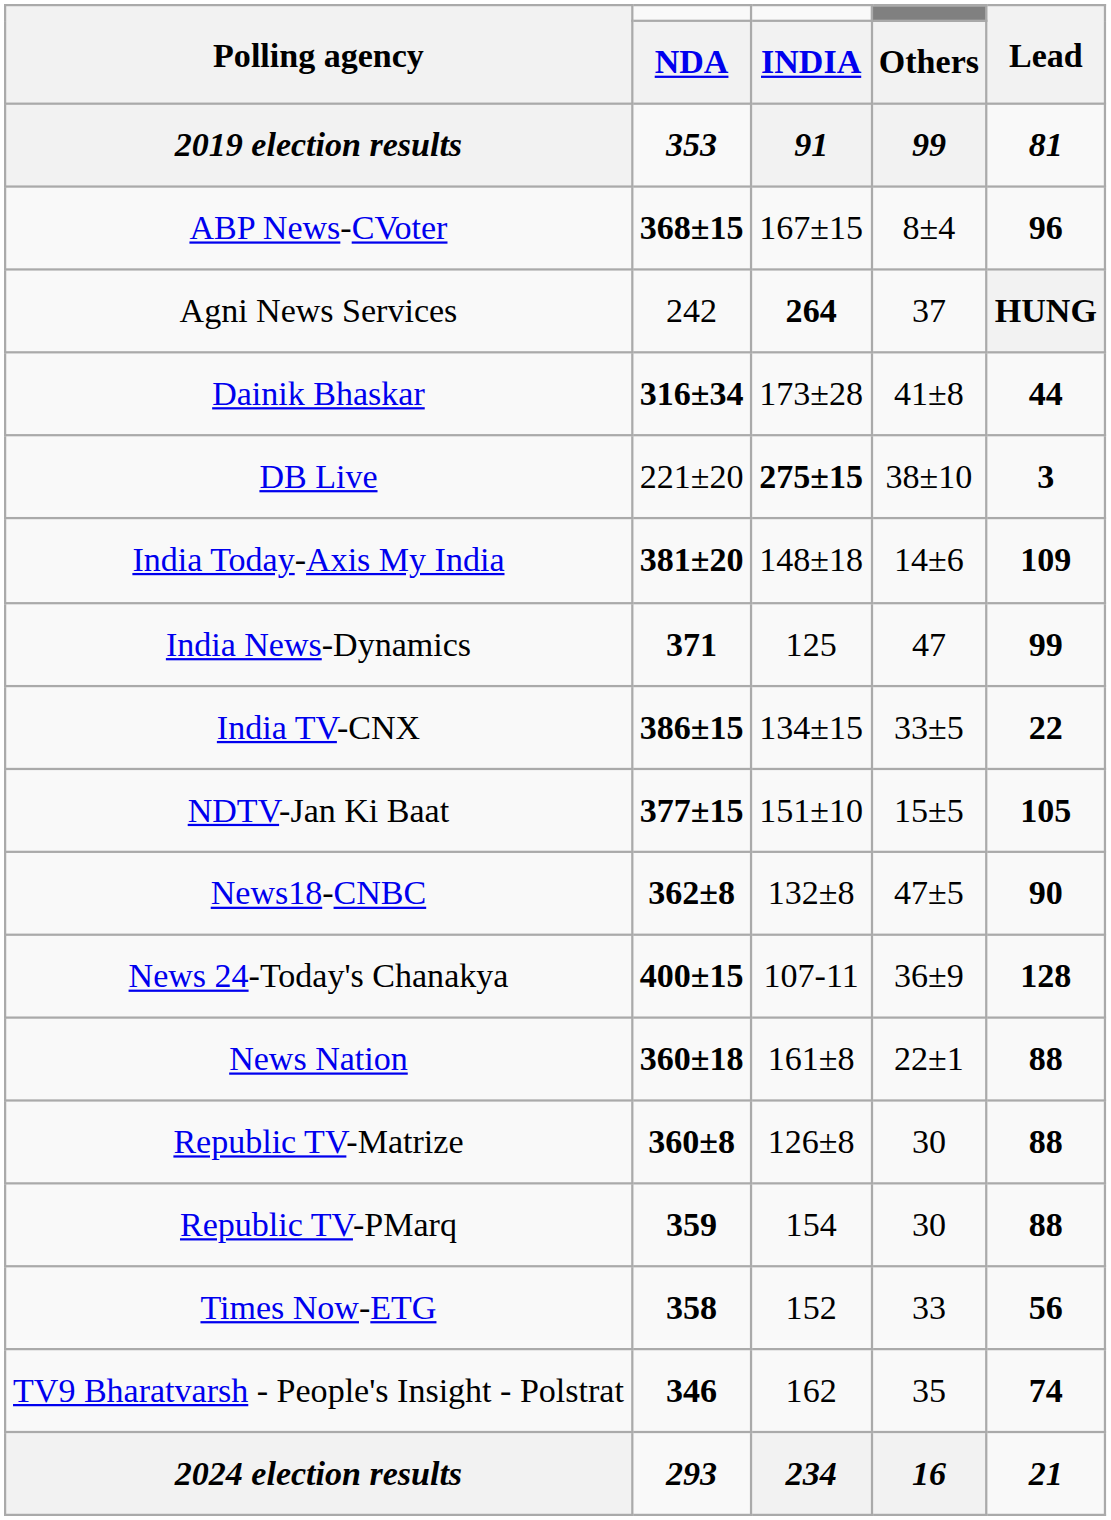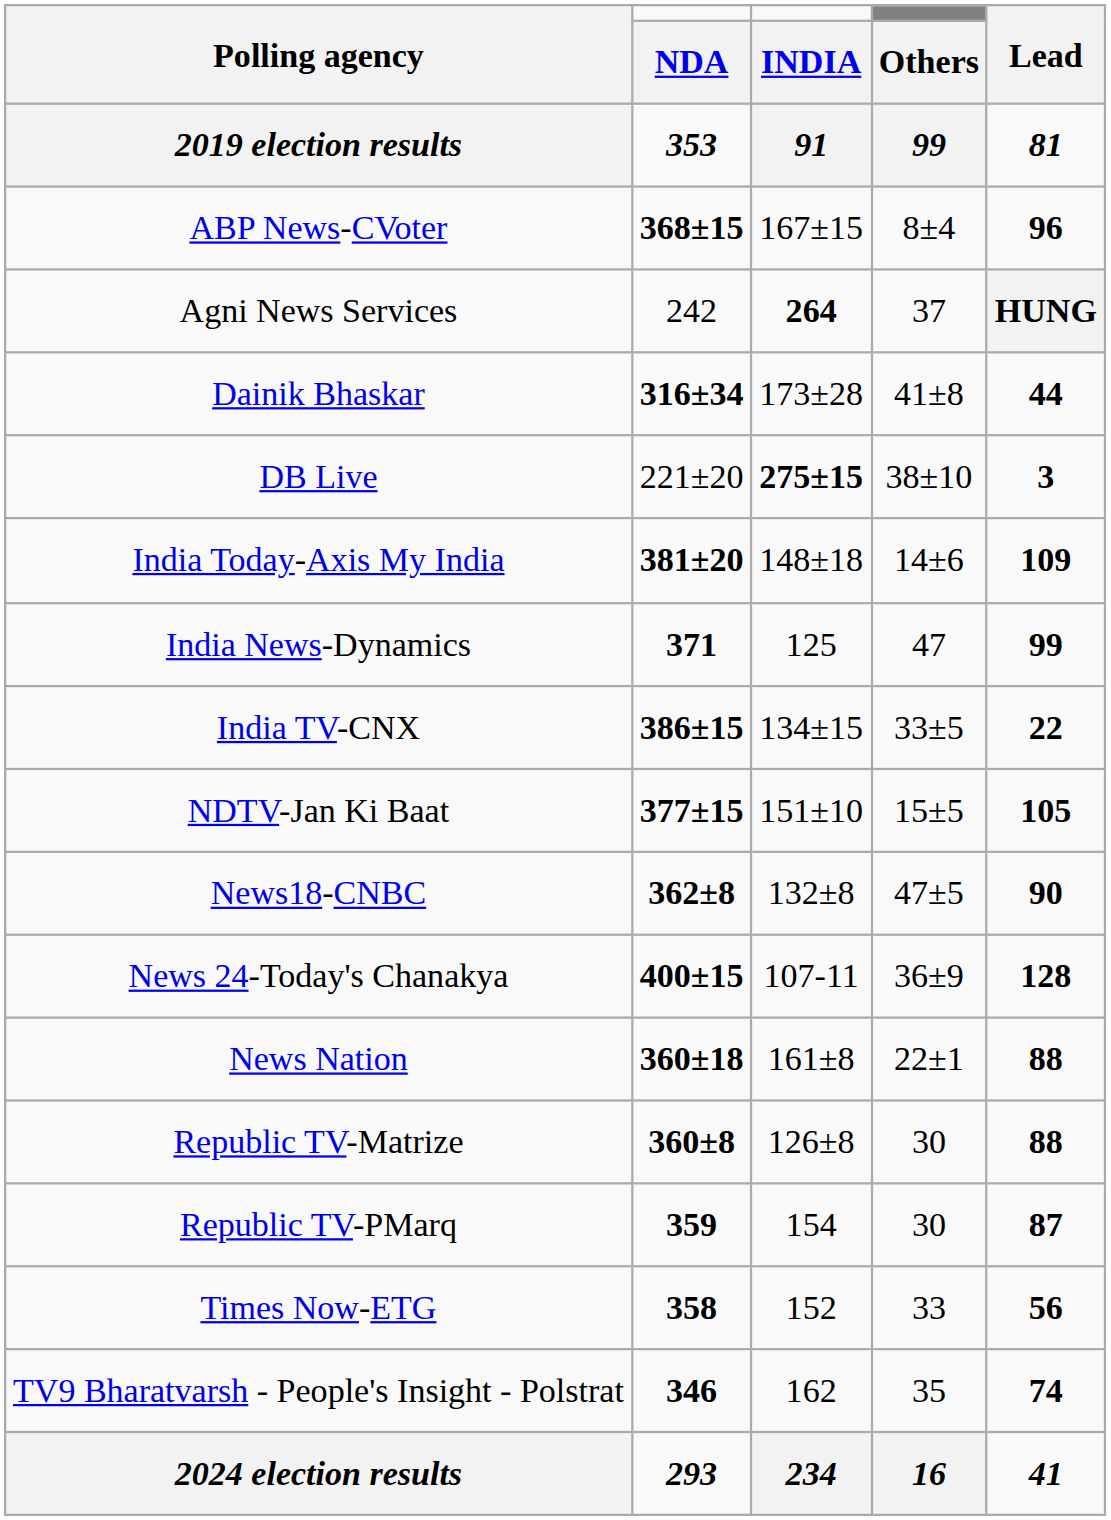 <table class="wikitable" style="text-align:center;font-size:95%;line-height:30px;">
 <tr>
 <th rowspan="2" class="wikitable">Polling agency</th>
 <td></td>
 <td></td>
 <td style="background:grey;"></td>
 <th rowspan="2">Lead</th>
 </tr>
 <tr>
 <th class="wikitable"><a href='#'>NDA</a></th>
 <th class="wikitable"><a href='#'>INDIA</a></th>
 <th class="wikitable">Others</th>
 </tr>
 <tr>
 <th><em>2019 election results</em></th>
 <td bgcolor=><strong><em>353</em></strong></td>
 <th><em>91</em></th>
 <th><em>99</em></th>
 <td bgcolor=><strong><em>81</em></strong></td>
 </tr>
 <tr>
 <td><a href='#'>ABP News</a>-<a href='#'>CVoter</a></td>
 <td bgcolor=><strong>368±15</strong></td>
 <td>167±15</td>
 <td>8±4</td>
 <td bgcolor=><strong>96</strong></td>
 </tr>
 <tr>
 <td>Agni News Services</td>
 <td>242</td>
 <td><strong>264</strong></td>
 <td>37</td>
 <th>HUNG</th>
 </tr>
 <tr>
 <td><a href='#'>Dainik Bhaskar</a></td>
 <td bgcolor=><strong>316±34</strong></td>
 <td>173±28</td>
 <td>41±8</td>
 <td bgcolor=><strong>44</strong></td>
 </tr>
 <tr>
 <td><a href='#'>DB Live</a></td>
 <td>221±20</td>
 <td bgcolor=><strong>275±15</strong></td>
 <td>38±10</td>
 <td bgcolor=><strong>3</strong></td>
 </tr>
 <tr>
 <td><a href='#'>India Today</a>-<a href='#'>Axis My India</a></td>
 <td bgcolor=><strong>381±20</strong></td>
 <td>148±18</td>
 <td>14±6</td>
 <td bgcolor=><strong>109</strong></td>
 </tr>
 <tr>
 <td><a href='#'>India News</a>-Dynamics</td>
 <td bgcolor=><strong>371</strong></td>
 <td>125</td>
 <td>47</td>
 <td bgcolor=><strong>99</strong></td>
 </tr>
 <tr>
 <td><a href='#'>India TV</a>-CNX</td>
 <td bgcolor=><strong>386±15</strong></td>
 <td>134±15</td>
 <td>33±5</td>
 <td bgcolor=><strong>22</strong></td>
 </tr>
 <tr>
 <td><a href='#'>NDTV</a>-Jan Ki Baat</td>
 <td bgcolor=><strong>377±15</strong></td>
 <td>151±10</td>
 <td>15±5</td>
 <td bgcolor=><strong>105</strong></td>
 </tr>
 <tr>
 <td><a href='#'>News18</a>-<a href='#'>CNBC</a></td>
 <td bgcolor=><strong>362±8</strong></td>
 <td>132±8</td>
 <td>47±5</td>
 <td bgcolor=><strong>90</strong></td>
 </tr>
 <tr>
 <td><a href='#'>News 24</a>-Today's Chanakya</td>
 <td bgcolor=><strong>400±15</strong></td>
 <td>107-11</td>
 <td>36±9</td>
 <td bgcolor=><strong>128</strong></td>
 </tr>
 <tr>
 <td><a href='#'>News Nation</a></td>
 <td bgcolor=><strong>360±18</strong></td>
 <td>161±8</td>
 <td>22±1</td>
 <td bgcolor=><strong>88</strong></td>
 </tr>
 <tr>
 <td><a href='#'>Republic TV</a>-Matrize</td>
 <td bgcolor=><strong>360±8</strong></td>
 <td>126±8</td>
 <td>30</td>
 <td bgcolor=><strong>88</strong></td>
 </tr>
 <tr>
 <td><a href='#'>Republic TV</a>-PMarq</td>
 <td bgcolor=><strong>359</strong></td>
 <td>154</td>
 <td>30</td>
-<td bgcolor=><strong>88</strong></td>
+<td bgcolor=><strong>87</strong></td>
 </tr>
 <tr>
 <td><a href='#'>Times Now</a>-<a href='#'>ETG</a></td>
 <td bgcolor=><strong>358</strong></td>
 <td>152</td>
 <td>33</td>
 <td bgcolor=><strong>56</strong></td>
 </tr>
 <tr>
 <td><a href='#'>TV9 Bharatvarsh</a> - People's Insight - Polstrat</td>
 <td bgcolor=><strong>346</strong></td>
 <td>162</td>
 <td>35</td>
 <td bgcolor=><strong>74</strong></td>
 </tr>
 <tr>
 <th><em>2024 election results</em></th>
 <td bgcolor=><strong><em>293</em></strong></td>
 <th><em>234</em></th>
 <th><em>16</em></th>
-<td bgcolor=><strong><em>21</em></strong></td>
+<td bgcolor=><strong><em>41</em></strong></td>
 </tr>
 </table>
